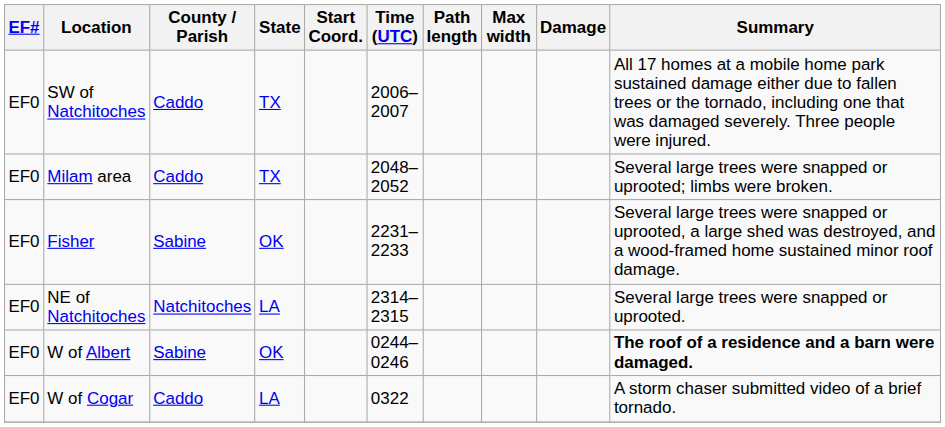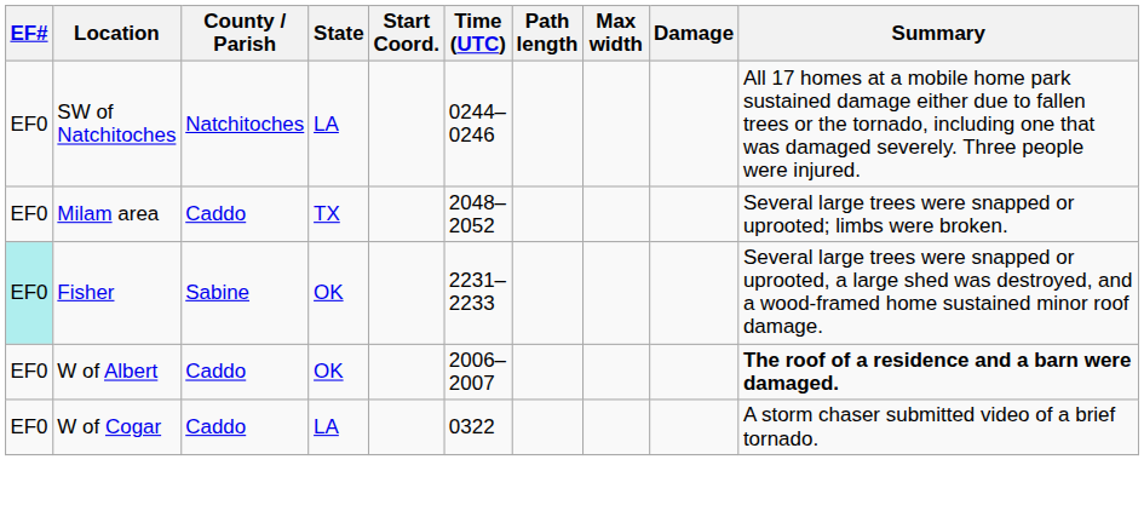 <table class="wikitable sortable" style="width:100%;">
 <tr>
 <th scope="col" width="3%" align="center"><a href='#'>EF#</a></th>
 <th scope="col" width="7%" align="center" class="unsortable">Location</th>
 <th scope="col" width="6%" align="center" class="unsortable">County / Parish</th>
 <th scope="col" width="5%" align="center">State</th>
 <th scope="col" width="6%" align="center">Start Coord.</th>
 <th scope="col" width="6%" align="center">Time (<a href='#'>UTC</a>)</th>
 <th scope="col" width="6%" align="center">Path length</th>
 <th scope="col" width="6%" align="center">Max width</th>
 <th scope="col" width="6%" align="center">Damage</th>
 <th scope="col" width="48%" class="unsortable" align="center">Summary</th>
 </tr>
 <tr>
 <td>EF0</td>
 <td>SW of <a href='#'>Natchitoches</a></td>
-<td><a href='#'>Caddo</a></td>
-<td><a href='#'>TX</a></td>
+<td><a href='#'>Natchitoches</a></td>
+<td><a href='#'>LA</a></td>
 <td></td>
-<td>2006–2007</td>
+<td>0244–0246</td>
 <td></td>
 <td></td>
 <td></td>
 <td>All 17 homes at a mobile home park sustained damage either due to fallen trees or the tornado, including one that was damaged severely. Three people were injured.</td>
 </tr>
 <tr>
 <td>EF0</td>
 <td><a href='#'>Milam</a> area</td>
 <td><a href='#'>Caddo</a></td>
 <td><a href='#'>TX</a></td>
 <td></td>
 <td>2048–2052</td>
 <td></td>
 <td></td>
 <td></td>
 <td>Several large trees were snapped or uprooted; limbs were broken.</td>
 </tr>
 <tr>
-<td>EF0</td>
+<td style="background: paleturquoise;">EF0</td>
 <td><a href='#'>Fisher</a></td>
 <td><a href='#'>Sabine</a></td>
 <td><a href='#'>OK</a></td>
 <td></td>
 <td>2231–2233</td>
 <td></td>
 <td></td>
 <td></td>
 <td>Several large trees were snapped or uprooted, a large shed was destroyed, and a wood-framed home sustained minor roof damage.</td>
 </tr>
 <tr>
 <td>EF0</td>
-<td>NE of <a href='#'>Natchitoches</a></td>
-<td><a href='#'>Natchitoches</a></td>
-<td><a href='#'>LA</a></td>
-<td></td>
-<td>2314–2315</td>
-<td></td>
-<td></td>
-<td></td>
-<td>Several large trees were snapped or uprooted.</td>
-</tr>
-<tr>
-<td>EF0</td>
 <td>W of <a href='#'>Albert</a></td>
-<td><a href='#'>Sabine</a></td>
+<td><a href='#'>Caddo</a></td>
 <td><a href='#'>OK</a></td>
 <td></td>
-<td>0244–0246</td>
+<td>2006–2007</td>
 <td></td>
 <td></td>
 <td></td>
 <td><strong>The roof of a residence and a barn were damaged.</strong></td>
 </tr>
 <tr>
 <td>EF0</td>
 <td>W of <a href='#'>Cogar</a></td>
 <td><a href='#'>Caddo</a></td>
 <td><a href='#'>LA</a></td>
 <td></td>
 <td>0322</td>
 <td></td>
 <td></td>
 <td></td>
 <td>A storm chaser submitted video of a brief tornado.</td>
 </tr>
 <tr>
 </tr>
 </table>
